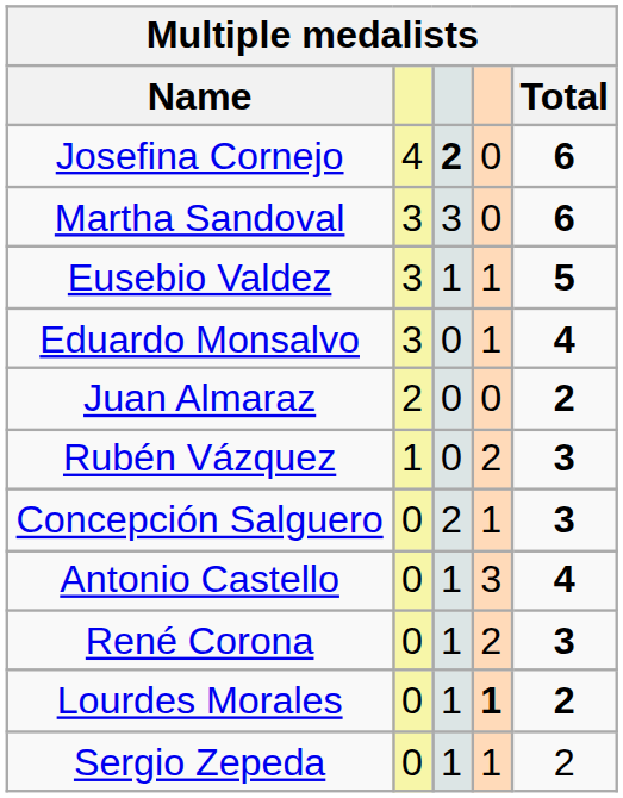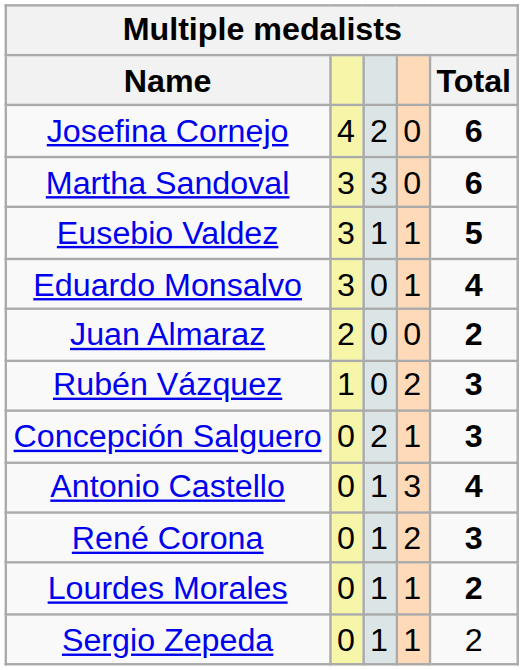 <table class=wikitable style=font-size:85%;float:right;text-align:center>
 <tr>
 <th colspan=6>Multiple medalists</th>
 </tr>
 <tr>
 <th>Name</th>
 <td bgcolor=F7F6A8></td>
 <td bgcolor=DCE5E5></td>
 <td bgcolor=FFDAB9></td>
 <th>Total</th>
 </tr>
 <tr>
 <td><a href='#'>Josefina Cornejo</a></td>
 <td bgcolor=F7F6A8>4</td>
-<td bgcolor=DCE5E5><strong>2</strong></td>
+<td bgcolor=DCE5E5>2</td>
 <td bgcolor=FFDAB9>0</td>
 <td><strong>6</strong></td>
 </tr>
 <tr>
 <td><a href='#'>Martha Sandoval</a></td>
 <td bgcolor=F7F6A8>3</td>
 <td bgcolor=DCE5E5>3</td>
 <td bgcolor=FFDAB9>0</td>
 <td><strong>6</strong></td>
 </tr>
 <tr>
 <td><a href='#'>Eusebio Valdez</a></td>
 <td bgcolor=F7F6A8>3</td>
 <td bgcolor=DCE5E5>1</td>
 <td bgcolor=FFDAB9>1</td>
 <td><strong>5</strong></td>
 </tr>
 <tr>
 <td><a href='#'>Eduardo Monsalvo</a></td>
 <td bgcolor=F7F6A8>3</td>
 <td bgcolor=DCE5E5>0</td>
 <td bgcolor=FFDAB9>1</td>
 <td><strong>4</strong></td>
 </tr>
 <tr>
 <td><a href='#'>Juan Almaraz</a></td>
 <td bgcolor=F7F6A8>2</td>
 <td bgcolor=DCE5E5>0</td>
 <td bgcolor=FFDAB9>0</td>
 <td><strong>2</strong></td>
 </tr>
 <tr>
 <td><a href='#'>Rubén Vázquez</a></td>
 <td bgcolor=F7F6A8>1</td>
 <td bgcolor=DCE5E5>0</td>
 <td bgcolor=FFDAB9>2</td>
 <td><strong>3</strong></td>
 </tr>
 <tr>
 <td><a href='#'>Concepción Salguero</a></td>
 <td bgcolor=F7F6A8>0</td>
 <td bgcolor=DCE5E5>2</td>
 <td bgcolor=FFDAB9>1</td>
 <td><strong>3</strong></td>
 </tr>
 <tr>
 <td><a href='#'>Antonio Castello</a></td>
 <td bgcolor=F7F6A8>0</td>
 <td bgcolor=DCE5E5>1</td>
 <td bgcolor=FFDAB9>3</td>
 <td><strong>4</strong></td>
 </tr>
 <tr>
 <td><a href='#'>René Corona</a></td>
 <td bgcolor=F7F6A8>0</td>
 <td bgcolor=DCE5E5>1</td>
 <td bgcolor=FFDAB9>2</td>
 <td><strong>3</strong></td>
 </tr>
 <tr>
 <td><a href='#'>Lourdes Morales</a></td>
 <td bgcolor=F7F6A8>0</td>
 <td bgcolor=DCE5E5>1</td>
-<td bgcolor=FFDAB9><strong>1</strong></td>
+<td bgcolor=FFDAB9>1</td>
 <td><strong>2</strong></td>
 </tr>
 <tr>
 <td><a href='#'>Sergio Zepeda</a></td>
 <td bgcolor=F7F6A8>0</td>
 <td bgcolor=DCE5E5>1</td>
 <td bgcolor=FFDAB9>1</td>
 <td>2</td>
 </tr>
 </table>
